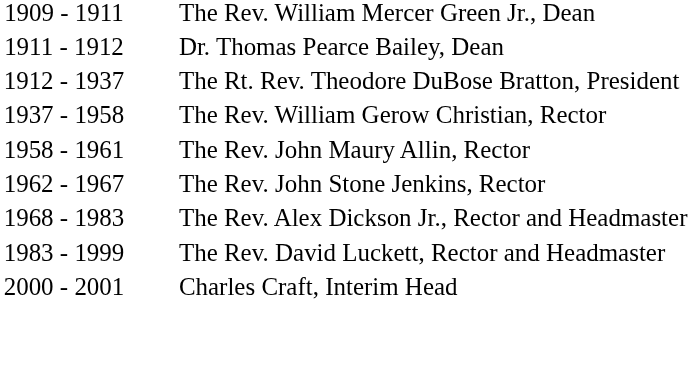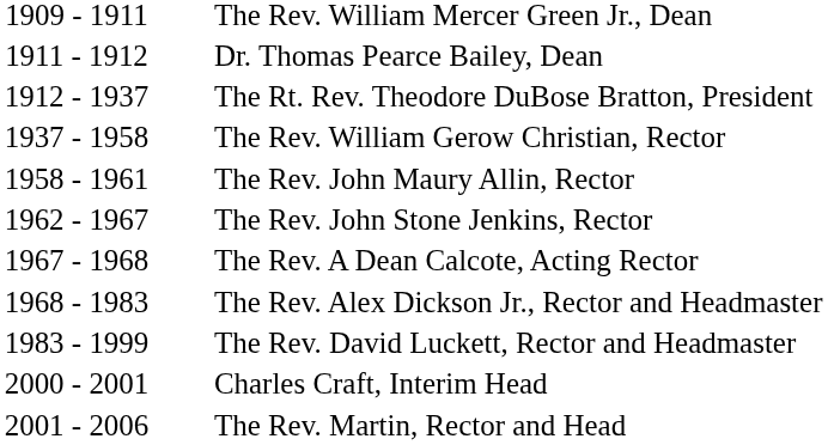 <table>
 <tr>
 <td style="text-align:center;">1909 - 1911</td>
 <td style="padding-left: 2em;">The Rev. William Mercer Green Jr., Dean</td>
 </tr>
 <tr>
 <td style="text-align:center;">1911 - 1912</td>
 <td style="padding-left: 2em;">Dr. Thomas Pearce Bailey, Dean</td>
 </tr>
 <tr>
 <td style="text-align:center;">1912 - 1937</td>
 <td style="padding-left: 2em;">The Rt. Rev. Theodore DuBose Bratton, President</td>
 </tr>
 <tr>
 <td style="text-align:center;">1937 - 1958</td>
 <td style="padding-left: 2em;">The Rev. William Gerow Christian, Rector</td>
 </tr>
 <tr>
 <td style="text-align:center;">1958 - 1961</td>
 <td style="padding-left: 2em;">The Rev. John Maury Allin, Rector</td>
 </tr>
 <tr>
 <td style="text-align:center;">1962 - 1967</td>
 <td style="padding-left: 2em;">The Rev. John Stone Jenkins, Rector</td>
 </tr>
 <tr>
+<td style="text-align:center;">1967 - 1968</td>
+<td style="padding-left: 2em;">The Rev. A Dean Calcote, Acting Rector</td>
+</tr>
+<tr>
 <td style="text-align:center;">1968 - 1983</td>
 <td style="padding-left: 2em;">The Rev. Alex Dickson Jr., Rector and Headmaster</td>
 </tr>
 <tr>
 <td style="text-align:center;">1983 - 1999</td>
 <td style="padding-left: 2em;">The Rev. David Luckett, Rector and Headmaster</td>
 </tr>
 <tr>
 <td style="text-align:center;">2000 - 2001</td>
 <td style="padding-left: 2em;">Charles Craft, Interim Head</td>
 </tr>
+<tr>
+<td style="text-align:center;">2001 - 2006</td>
+<td style="padding-left: 2em;">The Rev. Martin, Rector and Head</td>
+</tr>
 </table>
